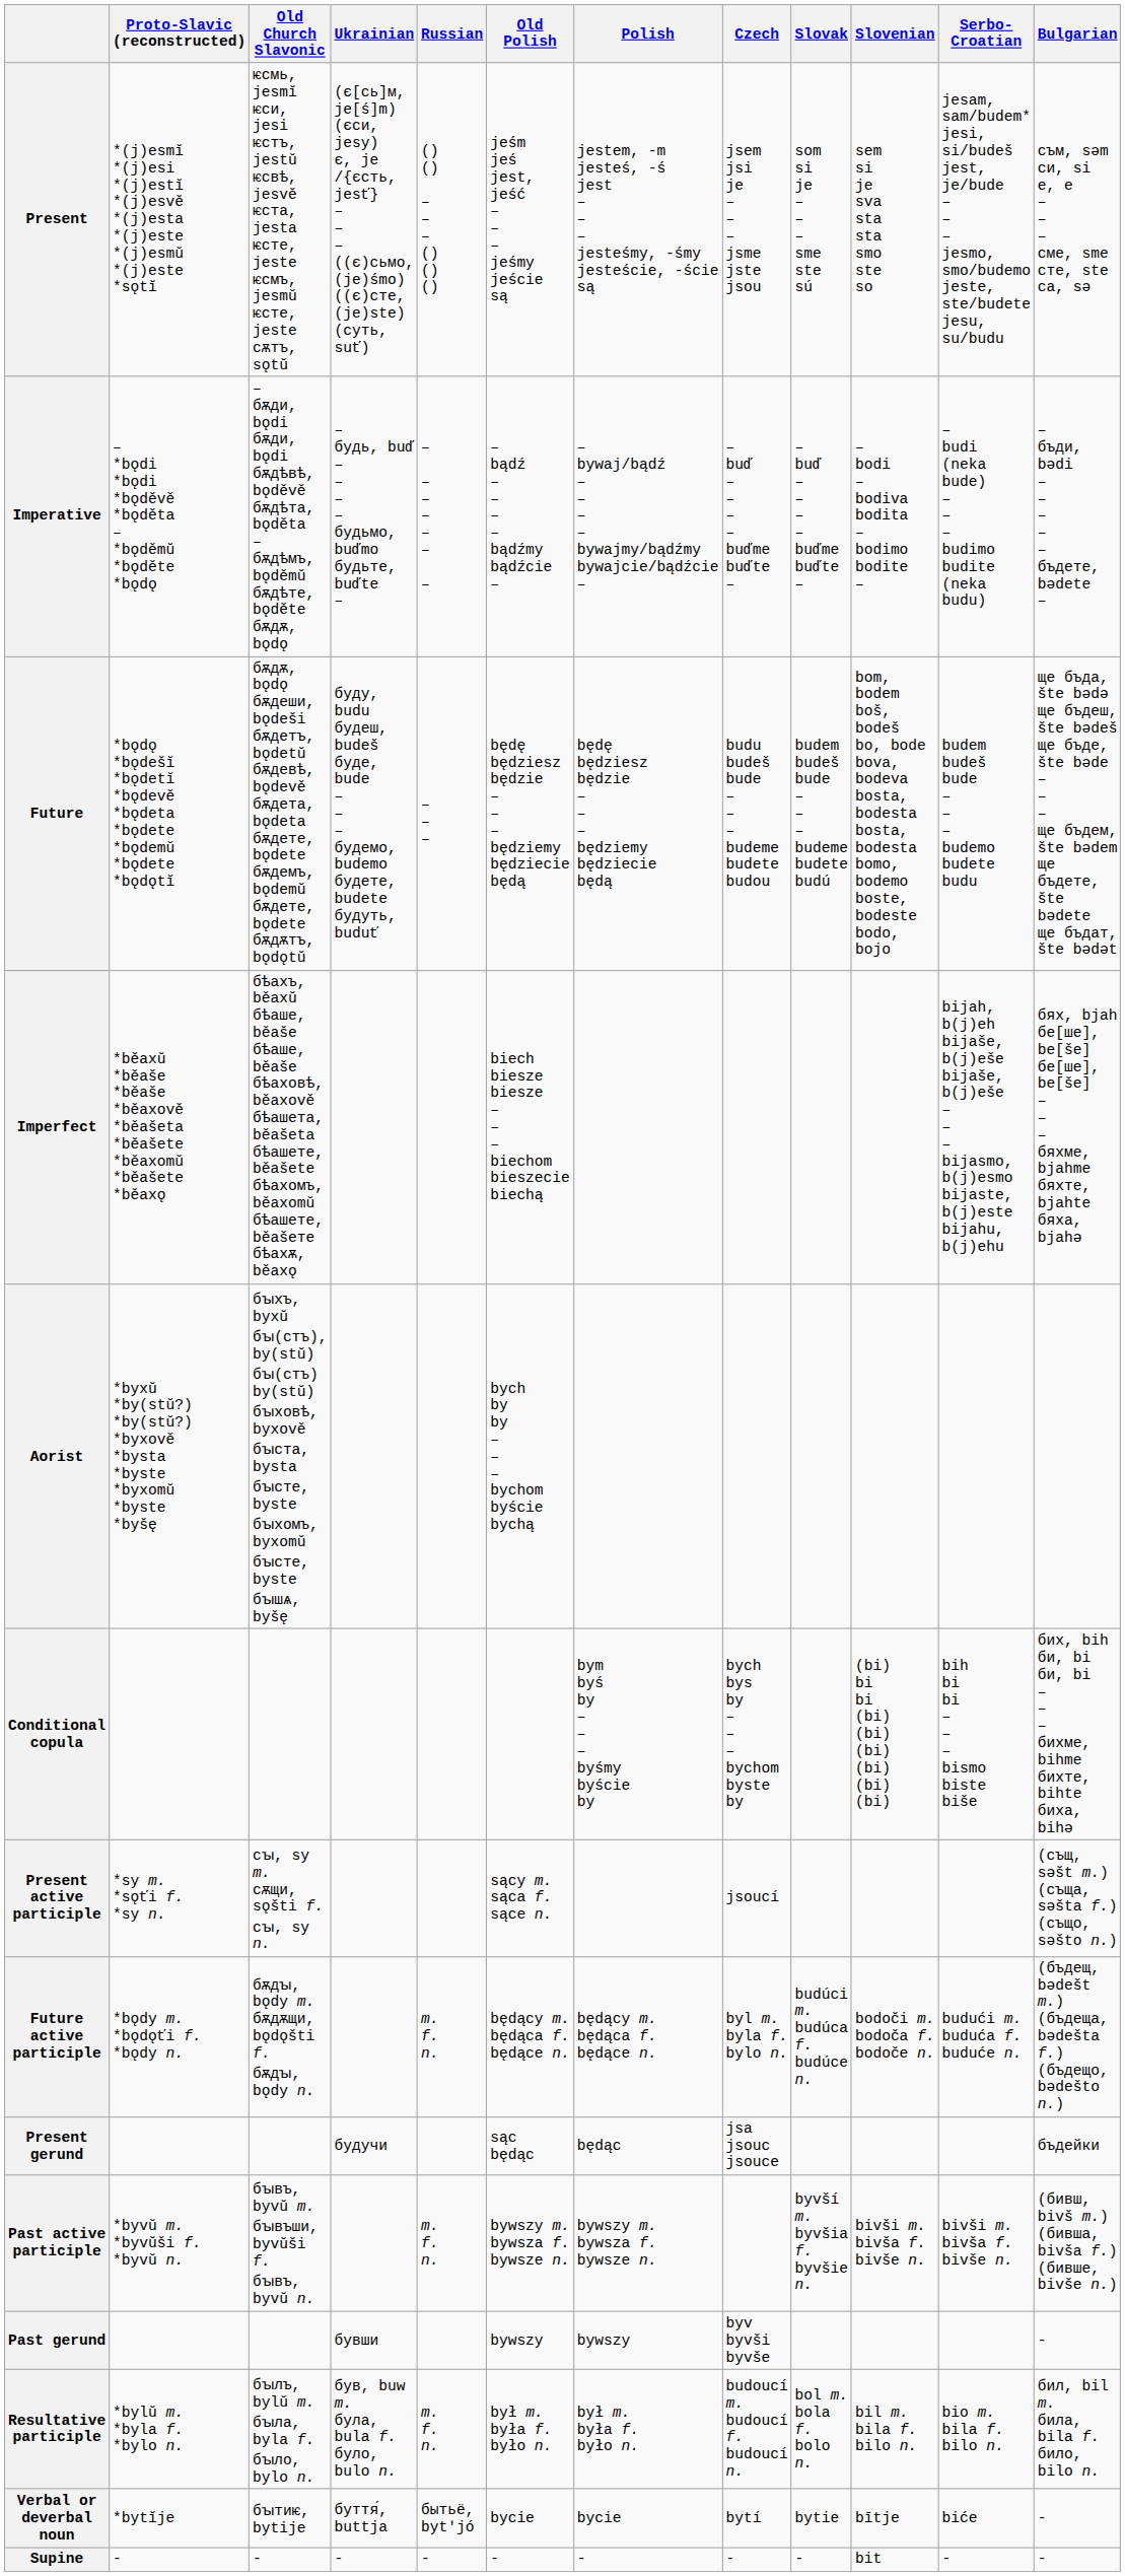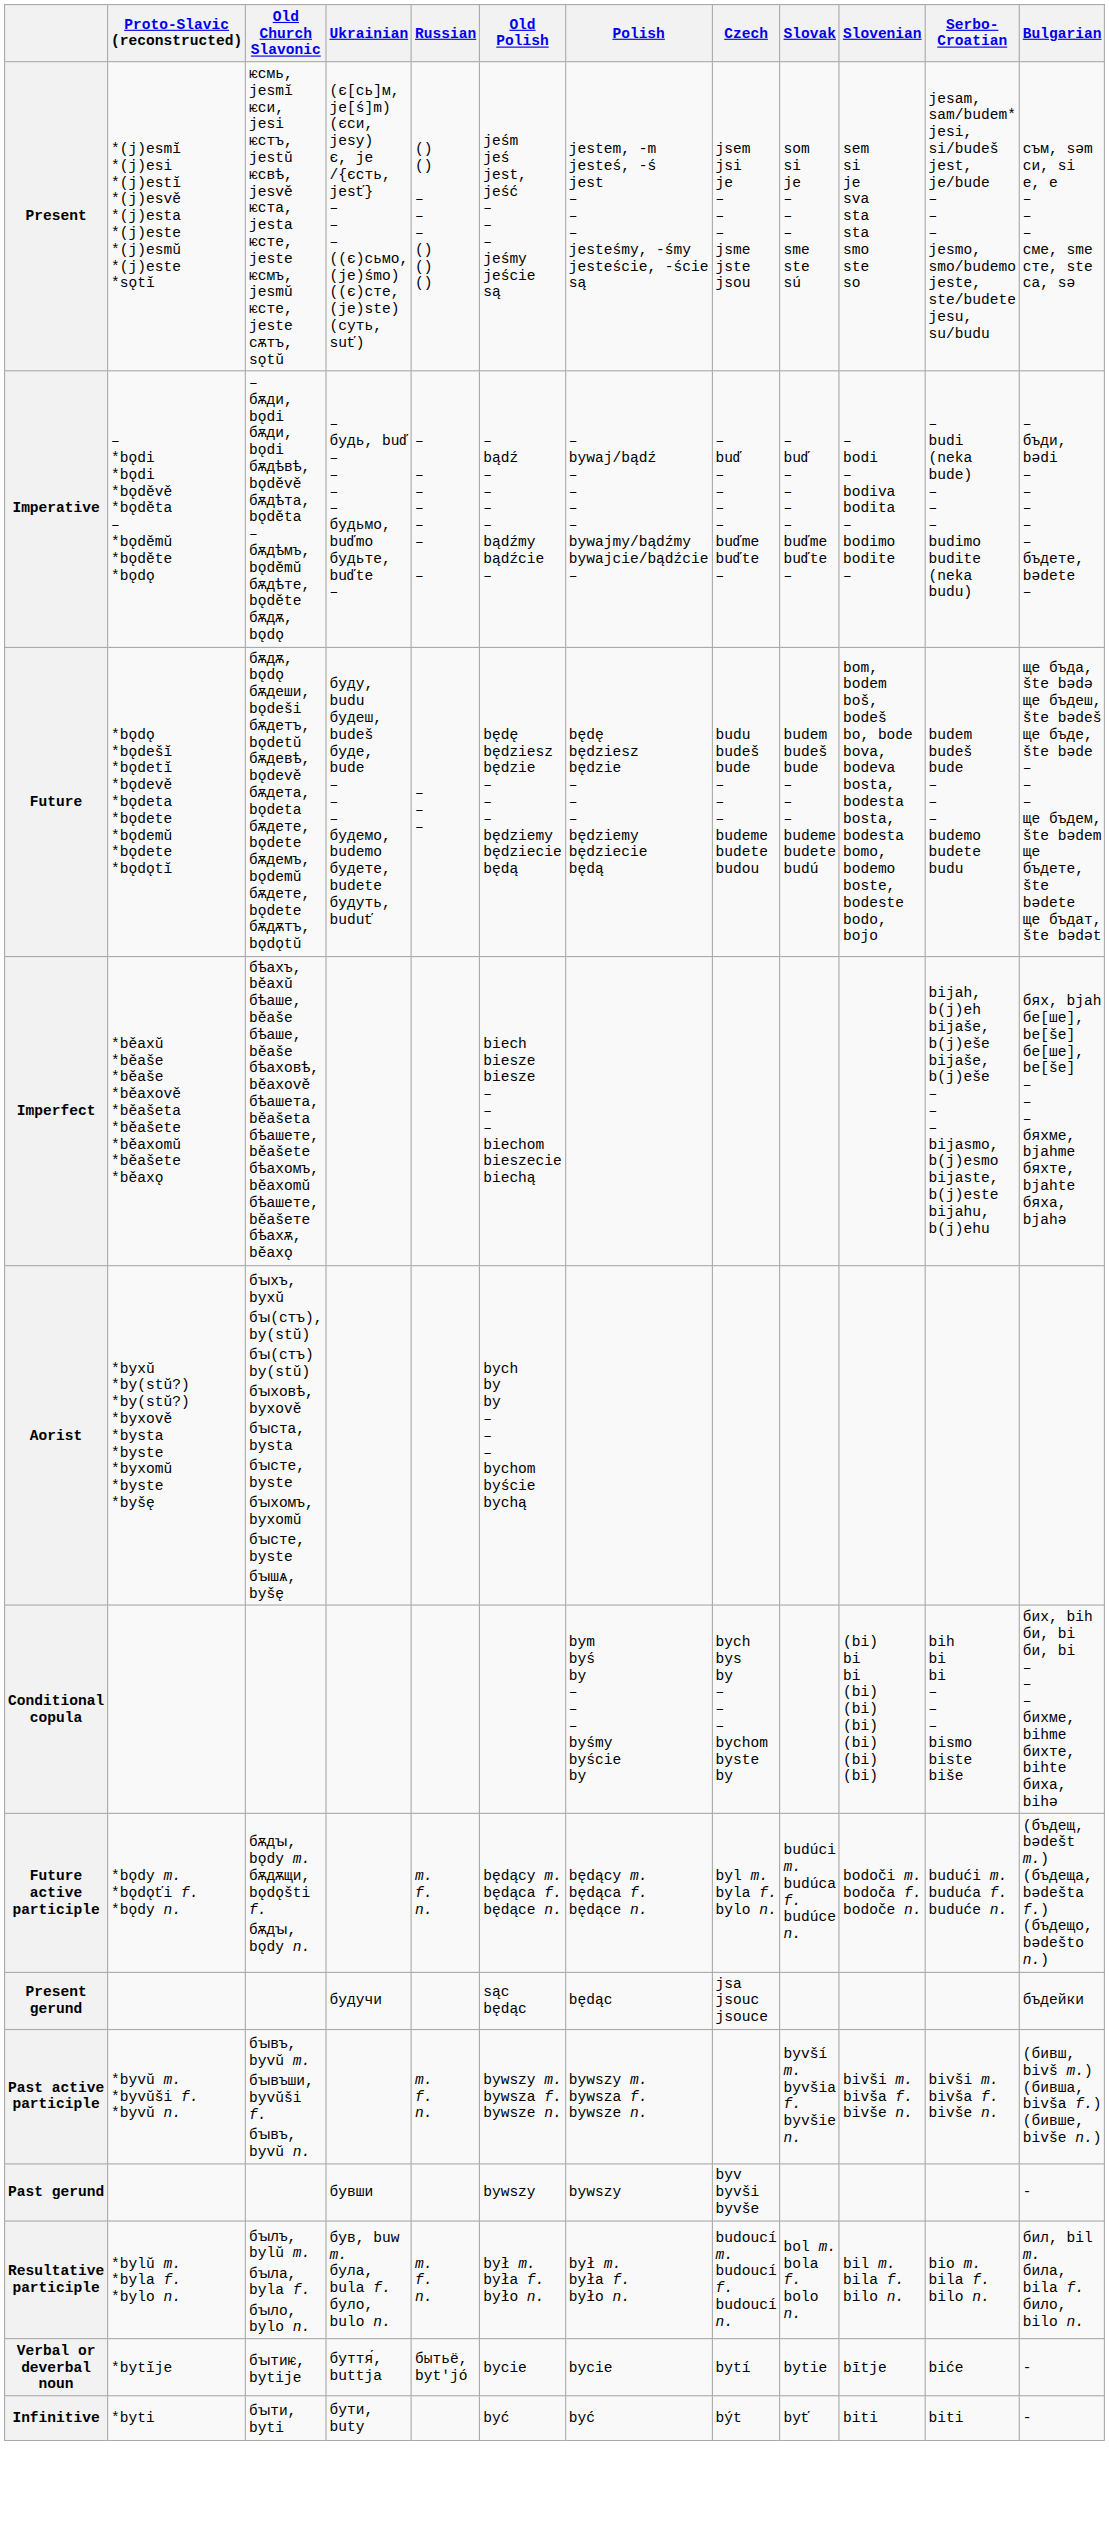 <table class="wikitable">
 <tr>
 <th></th>
 <th><a href='#'>Proto-Slavic</a><br>(reconstructed)</th>
 <th><a href='#'>Old Church Slavonic</a></th>
 <th><a href='#'>Ukrainian</a></th>
 <th><a href='#'>Russian</a></th>
 <th><a href='#'>Old Polish</a></th>
 <th><a href='#'>Polish</a></th>
 <th><a href='#'>Czech</a></th>
 <th><a href='#'>Slovak</a></th>
 <th><a href='#'>Slovenian</a></th>
 <th><a href='#'>Serbo-Croatian</a></th>
 <th><a href='#'>Bulgarian</a></th>
 </tr>
 <tr>
 <th>Present</th>
 <td class="Unicode">*(j)esmĭ<br>*(j)esi<br>*(j)estĭ<br>*(j)esvě<br>*(j)esta<br>*(j)este<br>*(j)esmŭ<br>*(j)este<br>*sǫtĭ</td>
 <td class="Unicode">ѥсмь, jesmĭ<br>ѥси, jesi<br>ѥстъ, jestŭ<br>ѥсвѣ, jesvě<br>ѥста, jesta<br>ѥсте, jeste<br>ѥсмъ, jesmŭ<br>ѥсте, jeste<br>сѫтъ, sǫtŭ</td>
 <td class="Unicode">(є[сь]м, je[ś]m)<br>(єси, jesy)<br>є, je /{єсть, jesť}<br>–<br>–<br>–<br>((є)сьмо, (je)śmo)<br>((є)сте, (je)ste)<br>(суть, suť)</td>
 <td class="Unicode">()<br>()<br><br>–<br>–<br>–<br>()<br>()<br>()</td>
 <td>jeśm<br>jeś<br>jest, jeść<br>–<br>–<br>–<br>jeśmy<br>jeście<br>są</td>
 <td class="Unicode">jestem, -m<br>jesteś, -ś<br>jest<br>–<br>–<br>–<br>jesteśmy, -śmy<br>jesteście, -ście<br>są</td>
 <td class="Unicode">jsem<br>jsi<br>je<br>–<br>–<br>–<br>jsme<br>jste<br>jsou</td>
 <td class="Unicode">som<br>si<br>je<br>–<br>–<br>–<br>sme<br>ste<br>sú</td>
 <td class="Unicode">sem<br>si<br>je<br>sva<br>sta<br>sta<br>smo<br>ste<br>so</td>
 <td class="Unicode">jesam, sam/budem*<br>jesi, si/budeš<br>jest, je/bude<br>–<br>–<br>–<br>jesmo, smo/budemo<br>jeste, ste/budete<br>jesu, su/budu</td>
 <td class="Unicode">съм, səm<br>си, si<br>е, e<br>–<br>–<br>–<br>сме, sme<br>сте, ste <br>са, sə</td>
 </tr>
 <tr>
 <th>Imperative</th>
 <td class="Unicode">–<br>*bǫdi<br>*bǫdi<br>*bǫděvě<br>*bǫděta<br>–<br>*bǫděmŭ<br>*bǫděte<br>*bǫdǫ</td>
 <td class="Unicode">–<br>бѫди, bǫdi<br>бѫди, bǫdi<br>бѫдѣвѣ, bǫděvě<br>бѫдѣта, bǫděta<br>–<br>бѫдѣмъ, bǫděmŭ<br>бѫдѣте, bǫděte<br>бѫдѫ, bǫdǫ</td>
 <td class="Unicode">–<br>будь, buď<br>–<br>–<br>–<br>–<br>будьмо, buďmo<br>будьте, buďte<br>–</td>
 <td class="Unicode">–<br><br>–<br>–<br>–<br>–<br>–<br><br>–</td>
 <td>–<br>bądź<br>–<br>–<br>–<br>–<br>bądźmy<br>bądźcie<br>–</td>
 <td class="Unicode">–<br>bywaj/bądź<br>–<br>–<br>–<br>–<br>bywajmy/bądźmy<br>bywajcie/bądźcie<br>–</td>
 <td class="Unicode">–<br>buď<br>–<br>–<br>–<br>–<br>buďme<br>buďte<br>–</td>
 <td class="Unicode">–<br>buď<br>–<br>–<br>–<br>–<br>buďme<br>buďte<br>–</td>
 <td class="Unicode">–<br>bodi<br>–<br>bodiva<br>bodita<br>–<br>bodimo<br>bodite<br>–</td>
 <td class="Unicode">–<br>budi<br>(neka bude)<br>–<br>–<br>–<br>budimo<br>budite<br>(neka budu)</td>
 <td class="Unicode">–<br>бъди, bədi<br>–<br>–<br>–<br>–<br>–<br>бъдете, bədete<br> –<br></td>
 </tr>
 <tr>
 <th>Future</th>
 <td class="Unicode">*bǫdǫ<br>*bǫdešĭ<br>*bǫdetĭ<br>*bǫdevě<br>*bǫdeta<br>*bǫdete<br>*bǫdemŭ<br>*bǫdete<br>*bǫdǫtĭ</td>
 <td class="Unicode">бѫдѫ, bǫdǫ<br>бѫдеши, bǫdeši<br>бѫдетъ, bǫdetŭ<br>бѫдевѣ, bǫdevě<br>бѫдета, bǫdeta<br>бѫдете, bǫdete<br>бѫдемъ, bǫdemŭ<br>бѫдете, bǫdete<br>бѫдѫтъ, bǫdǫtŭ</td>
 <td class="Unicode">буду, budu<br>будеш, budeš<br>буде, bude<br>–<br>–<br>–<br>будемо, budemo<br>будете, budete<br>будуть, buduť</td>
 <td class="Unicode"><br><br><br>–<br>–<br>–<br><br><br></td>
 <td>będę<br>będziesz<br>będzie<br>–<br>–<br>–<br>będziemy<br>będziecie<br>będą</td>
 <td class="Unicode">będę<br>będziesz<br>będzie<br>–<br>–<br>–<br>będziemy<br>będziecie<br>będą</td>
 <td class="Unicode">budu<br>budeš<br>bude<br>–<br>–<br>–<br>budeme<br>budete<br>budou</td>
 <td class="Unicode">budem<br>budeš<br>bude<br>–<br>–<br>–<br>budeme<br>budete<br>budú</td>
 <td class="Unicode">bom, bodem<br>boš, bodeš<br>bo, bode<br>bova, bodeva<br>bosta, bodesta<br>bosta, bodesta<br>bomo, bodemo<br>boste, bodeste<br>bodo, bojo</td>
 <td class="Unicode">budem<br>budeš<br>bude<br>–<br>–<br>–<br>budemo<br>budete<br>budu</td>
 <td class="Unicode">ще бъда, šte bədə<br>ще бъдеш, šte bədeš<br>ще бъде, šte bəde<br>–<br>–<br>–<br>ще бъдем, šte bədem<br>ще бъдете, šte bədete<br>ще бъдат, šte bədət</td>
 </tr>
 <tr>
 <th>Imperfect</th>
 <td class="Unicode">*běaxŭ<br>*běaše<br>*běaše<br>*běaxově<br>*běašeta<br>*běašete<br>*běaxomŭ<br>*běašete<br>*běaxǫ</td>
 <td class="Unicode">бѣахъ, běaxŭ<br>бѣаше, běaše<br>бѣаше, běaše<br>бѣаховѣ, běaxově<br>бѣашета, běašeta<br>бѣашете, běašete<br>бѣахомъ, běaxomŭ<br>бѣашете, běašeте<br>бѣахѫ, běaxǫ</td>
 <td class="Unicode"></td>
 <td class="Unicode"></td>
 <td>biech<br>biesze<br>biesze<br>–<br>–<br>–<br>biechom<br>bieszecie<br>biechą</td>
 <td class="Unicode"></td>
 <td class="Unicode"></td>
 <td class="Unicode"></td>
 <td class="Unicode"></td>
 <td class="Unicode">bijah, b(j)eh<br>bijaše, b(j)eše<br>bijaše, b(j)eše<br>–<br>–<br>–<br>bijasmo, b(j)esmo<br>bijaste, b(j)este<br>bijahu, b(j)ehu</td>
 <td class="Unicode">бях, bjah<br>бе[ше], be[še]<br>бе[ше], be[še]<br>–<br>–<br>–<br>бяхме, bjahme<br>бяхте, bjahte<br>бяха, bjahə</td>
 </tr>
 <tr>
 <th>Aorist</th>
 <td class="Unicode">*byxŭ<br>*by(stŭ?)<br>*by(stŭ?)<br>*byxově<br>*bysta<br>*byste<br>*byxomŭ<br>*byste<br>*byšę</td>
 <td class="Unicode">бꙑхъ, byxŭ<br>бꙑ(стъ), by(stŭ)<br>бꙑ(стъ) by(stŭ)<br>бꙑховѣ, byxově<br>бꙑста, bysta<br>бꙑсте, byste<br>бꙑхомъ, byxomŭ<br>бꙑсте, byste<br>бꙑшѧ, byšę</td>
 <td class="Unicode"></td>
 <td class="Unicode"></td>
 <td>bych<br>by<br>by<br>–<br>–<br>–<br>bychom<br>byście<br>bychą</td>
 <td class="Unicode"></td>
 <td class="Unicode"></td>
 <td class="Unicode"></td>
 <td class="Unicode"></td>
 <td class="Unicode"></td>
 <td class="Unicode"></td>
 </tr>
 <tr>
 <th>Conditional copula</th>
 <td></td>
 <td></td>
 <td></td>
 <td></td>
 <td></td>
 <td>bym<br>byś<br>by<br>–<br>–<br>–<br>byśmy<br>byście<br>by</td>
 <td>bych<br>bys<br>by<br>–<br>–<br>–<br>bychom<br>byste<br>by</td>
 <td></td>
 <td>(bi)<br>bi<br>bi<br>(bi)<br>(bi)<br>(bi)<br>(bi)<br>(bi)<br>(bi)</td>
 <td>bih<br>bi<br>bi<br>–<br>–<br>–<br>bismo<br>biste<br>biše</td>
 <td>бих, bih<br>би, bi<br>би, bi<br>–<br>–<br>–<br>бихме, bihme<br>бихте, bihte<br>биха, bihə</td>
 </tr>
 <tr>
-<th>Present active participle</th>
-<td class="Unicode">*sy <em>m.</em><br>*sǫťi <em>f.</em><br>*sy <em>n.</em></td>
-<td class="Unicode">сꙑ, sy <em>m.</em><br>сѫщи, sǫšti <em>f.</em><br>сꙑ, sy <em>n.</em></td>
-<td class="Unicode"></td>
-<td class="Unicode"></td>
-<td>sący <em>m.</em><br>sąca <em>f.</em><br>sące <em>n.</em></td>
-<td class="Unicode"></td>
-<td class="Unicode">jsoucí</td>
-<td class="Unicode"></td>
-<td class="Unicode"></td>
-<td class="Unicode"></td>
-<td class="Unicode">(същ, səšt <em>m.</em>)<br>(съща, səšta <em>f.</em>)<br>(също, səšto <em>n.</em>)</td>
-</tr>
-<tr>
 <th>Future active participle</th>
 <td class="Unicode">*bǫdy <em>m.</em><br>*bǫdǫťi <em>f.</em><br>*bǫdy <em>n.</em></td>
 <td class="Unicode">бѫдꙑ, bǫdy <em>m.</em><br>бѫдѫщи, bǫdǫšti <em>f.</em><br>бѫдꙑ, bǫdy <em>n.</em></td>
 <td class="Unicode"></td>
 <td class="Unicode"> <em>m.</em><br> <em>f.</em><br> <em>n.</em></td>
 <td>będący <em>m.</em><br>będąca <em>f.</em><br>będące <em>n.</em></td>
 <td class="Unicode">będący <em>m.</em><br>będąca <em>f.</em><br>będące <em>n.</em></td>
 <td class="Unicode">byl <em>m.</em><br>byla <em>f.</em><br>bylo <em>n.</em></td>
 <td class="Unicode">budúci <em>m.</em><br>budúca <em>f.</em><br>budúce <em>n.</em></td>
 <td class="Unicode">bodoči <em>m.</em><br>bodoča <em>f.</em><br>bodoče <em>n.</em></td>
 <td class="Unicode">budući <em>m.</em><br>buduća <em>f.</em><br>buduće <em>n.</em></td>
 <td class="Unicode">(бъдещ, bədešt <em>m.</em>)<br>(бъдещa, bədeštа <em>f.</em>)<br>(бъдещо, bədeštо <em>n.</em>)</td>
 </tr>
 <tr>
 <th>Present gerund</th>
 <td></td>
 <td></td>
 <td>будучи</td>
 <td></td>
 <td>sąc<br>będąc</td>
 <td>będąc</td>
 <td>jsa<br>jsouc jsouce</td>
 <td></td>
 <td></td>
 <td></td>
 <td>бъдейки</td>
 </tr>
 <tr>
 <th>Past active participle</th>
 <td class="Unicode">*byvŭ <em>m.</em><br>*byvŭši <em>f.</em><br>*byvŭ <em>n.</em></td>
 <td class="Unicode">бꙑвъ, byvŭ <em>m.</em><br>бꙑвъши, byvŭši <em>f.</em><br>бꙑвъ, byvŭ <em>n.</em></td>
 <td class="Unicode"></td>
 <td class="Unicode"> <em>m.</em><br> <em>f.</em><br> <em>n.</em></td>
 <td>bywszy <em>m.</em><br>bywsza <em>f.</em><br>bywsze <em>n.</em></td>
 <td class="Unicode">bywszy <em>m.</em><br>bywsza <em>f.</em><br>bywsze <em>n.</em></td>
 <td class="Unicode"></td>
 <td class="Unicode">byvší <em>m.</em><br>byvšia <em>f.</em><br>byvšie <em>n.</em></td>
 <td class="Unicode">bivši <em>m.</em><br>bivša <em>f.</em><br>bivše <em>n.</em></td>
 <td class="Unicode">bivši <em>m.</em><br>bivša <em>f.</em><br>bivše <em>n.</em></td>
 <td class="Unicode">(бивш, bivš <em>m.</em>)<br>(бивша, bivša <em>f.</em>)<br>(бивше, bivše <em>n.</em>)</td>
 </tr>
 <tr>
 <th>Past gerund</th>
 <td></td>
 <td></td>
 <td>бувши</td>
 <td></td>
 <td>bywszy</td>
 <td>bywszy</td>
 <td>byv<br>byvši byvše</td>
 <td></td>
 <td></td>
 <td></td>
 <td>-</td>
 </tr>
 <tr>
 <th>Resultative participle</th>
 <td class="Unicode">*bylŭ <em>m.</em><br>*byla <em>f.</em><br>*bylo <em>n.</em></td>
 <td class="Unicode">бꙑлъ, bylŭ <em>m.</em><br>бꙑла, byla <em>f.</em><br>бꙑло, bylo <em>n.</em></td>
 <td class="Unicode">був, buw <em>m.</em><br>була, bula <em>f.</em><br>було, bulo <em>n.</em></td>
 <td class="Unicode"> <em>m.</em> <br>  <em>f.</em> <br>  <em>n.</em></td>
 <td>był <em>m.</em><br>była <em>f.</em><br>było <em>n.</em></td>
 <td class="Unicode">był <em>m.</em><br>była <em>f.</em><br>było <em>n.</em></td>
 <td class="Unicode">budoucí <em>m.</em><br>budoucí <em>f.</em><br>budoucí <em>n.</em></td>
 <td class="Unicode">bol <em>m.</em><br>bola <em>f.</em><br>bolo <em>n.</em></td>
 <td class="Unicode">bil <em>m.</em><br>bila <em>f.</em><br>bilo <em>n.</em></td>
 <td class="Unicode">bio <em>m.</em><br>bila <em>f.</em><br>bilo <em>n.</em></td>
 <td class="Unicode">бил, bil <em>m.</em><br>била, bila <em>f.</em><br>било, bilo <em>n.</em></td>
 </tr>
 <tr>
 <th>Verbal or deverbal noun</th>
 <td>*bytĭje</td>
 <td>бꙑтиѥ, bytije</td>
 <td>буття́, buttja</td>
 <td>бытьё, bytʹjó</td>
 <td>bycie</td>
 <td>bycie</td>
 <td>bytí</td>
 <td>bytie</td>
 <td>bītje</td>
 <td>biće</td>
 <td>-</td>
 </tr>
 <tr>
-<th>Supine</th>
-<td>-</td>
-<td>-</td>
-<td>-</td>
-<td>-</td>
-<td>-</td>
-<td>-</td>
-<td>-</td>
-<td>-</td>
-<td>bit</td>
-<td>-</td>
+<th>Infinitive</th>
+<td>*byti</td>
+<td>бꙑти, byti</td>
+<td>бути, buty</td>
+<td></td>
+<td>być</td>
+<td>być</td>
+<td>být</td>
+<td>byť</td>
+<td>biti</td>
+<td>biti</td>
 <td>-</td>
 </tr>
 </table>
